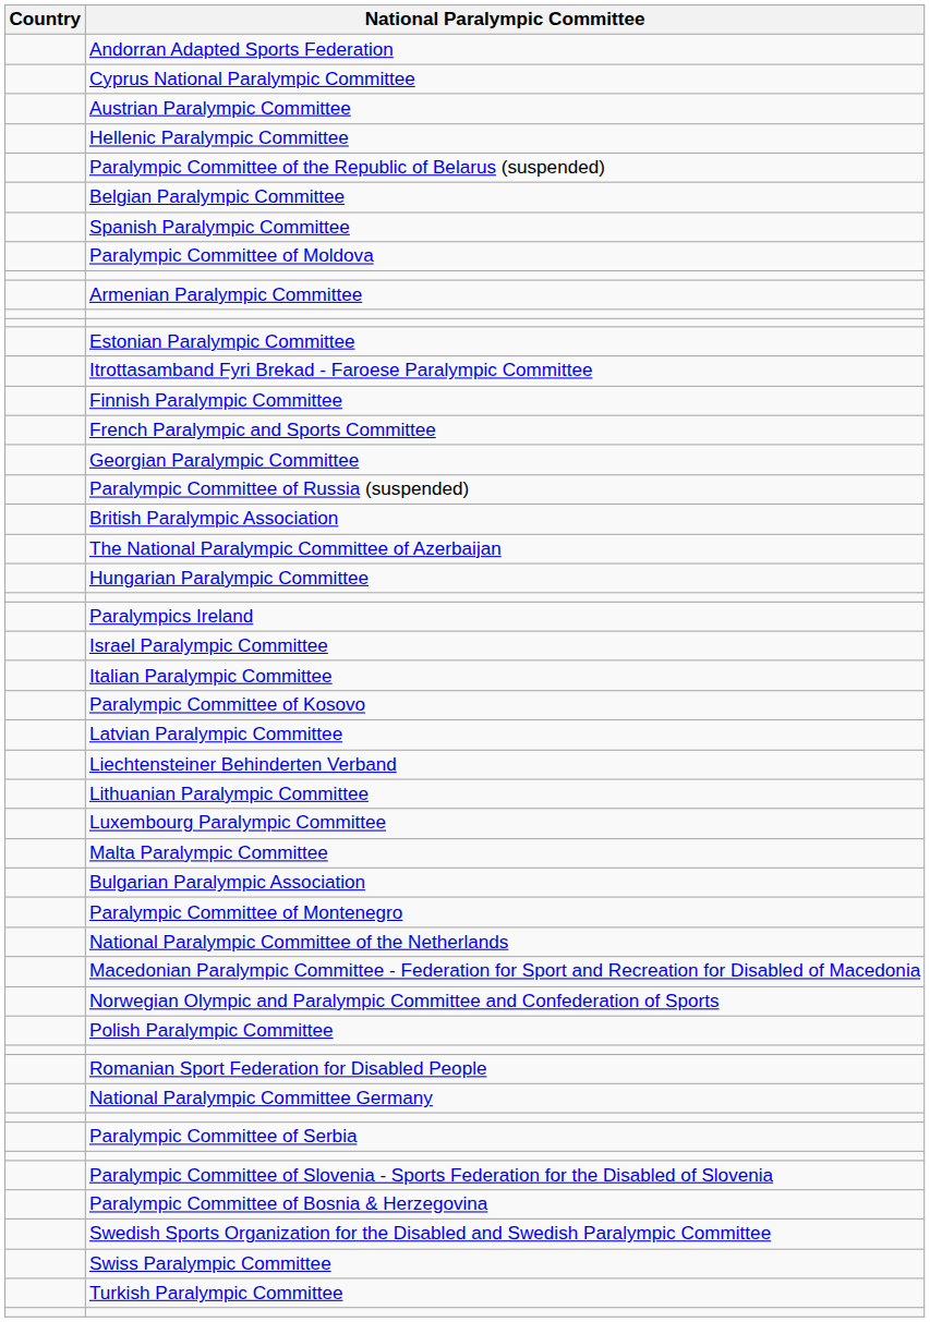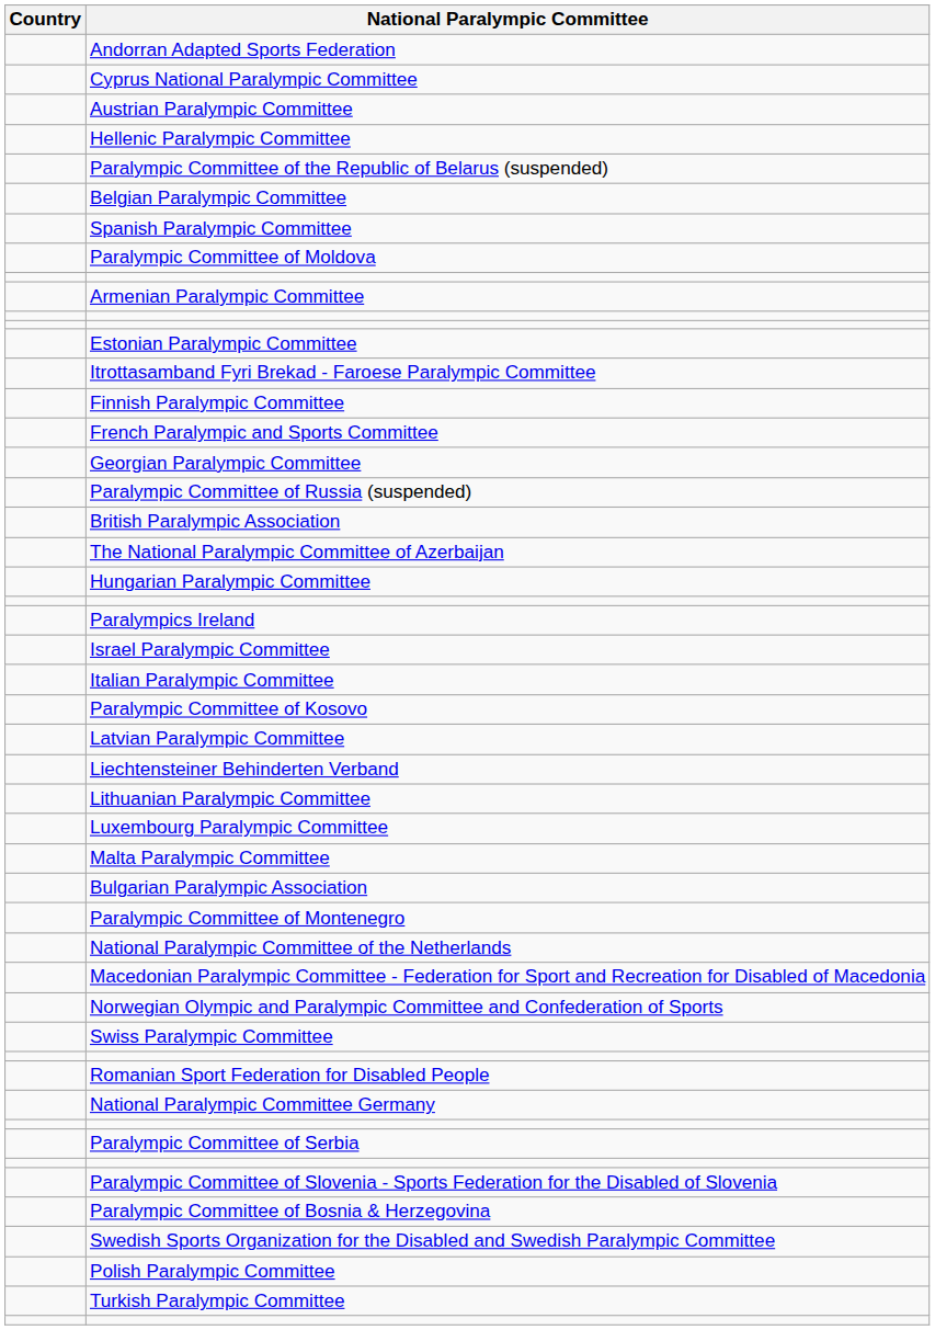 <table class="wikitable">
 <tr>
 <th>Country</th>
 <th>National Paralympic Committee</th>
 </tr>
 <tr>
 <td></td>
 <td><a href='#'>Andorran Adapted Sports Federation</a></td>
 </tr>
 <tr>
 <td></td>
 <td><a href='#'>Cyprus National Paralympic Committee</a></td>
 </tr>
 <tr>
 <td></td>
 <td><a href='#'>Austrian Paralympic Committee</a></td>
 </tr>
 <tr>
 <td></td>
 <td><a href='#'>Hellenic Paralympic Committee</a></td>
 </tr>
 <tr>
 <td></td>
 <td><a href='#'>Paralympic Committee of the Republic of Belarus</a> (suspended)</td>
 </tr>
 <tr>
 <td></td>
 <td><a href='#'>Belgian Paralympic Committee</a></td>
 </tr>
 <tr>
 <td></td>
 <td><a href='#'>Spanish Paralympic Committee</a></td>
 </tr>
 <tr>
 <td></td>
 <td><a href='#'>Paralympic Committee of Moldova</a></td>
 </tr>
 <tr>
 <td></td>
 <td></td>
 </tr>
 <tr>
 <td></td>
 <td><a href='#'>Armenian Paralympic Committee</a></td>
 </tr>
 <tr>
 <td></td>
 <td></td>
 </tr>
 <tr>
 <td></td>
 <td></td>
 </tr>
 <tr>
 <td></td>
 <td><a href='#'>Estonian Paralympic Committee</a></td>
 </tr>
 <tr>
 <td></td>
 <td><a href='#'>Itrottasamband Fyri Brekad - Faroese Paralympic Committee</a></td>
 </tr>
 <tr>
 <td></td>
 <td><a href='#'>Finnish Paralympic Committee</a></td>
 </tr>
 <tr>
 <td></td>
 <td><a href='#'>French Paralympic and Sports Committee</a></td>
 </tr>
 <tr>
 <td></td>
 <td><a href='#'>Georgian Paralympic Committee</a></td>
 </tr>
 <tr>
 <td></td>
 <td><a href='#'>Paralympic Committee of Russia</a> (suspended)</td>
 </tr>
 <tr>
 <td></td>
 <td><a href='#'>British Paralympic Association</a></td>
 </tr>
 <tr>
 <td></td>
 <td><a href='#'>The National Paralympic Committee of Azerbaijan</a></td>
 </tr>
 <tr>
 <td></td>
 <td><a href='#'>Hungarian Paralympic Committee</a></td>
 </tr>
 <tr>
 <td></td>
 <td></td>
 </tr>
 <tr>
 <td></td>
 <td><a href='#'>Paralympics Ireland</a></td>
 </tr>
 <tr>
 <td></td>
 <td><a href='#'>Israel Paralympic Committee</a></td>
 </tr>
 <tr>
 <td></td>
 <td><a href='#'>Italian Paralympic Committee</a></td>
 </tr>
 <tr>
 <td></td>
 <td><a href='#'>Paralympic Committee of Kosovo</a></td>
 </tr>
 <tr>
 <td></td>
 <td><a href='#'>Latvian Paralympic Committee</a></td>
 </tr>
 <tr>
 <td></td>
 <td><a href='#'>Liechtensteiner Behinderten Verband</a></td>
 </tr>
 <tr>
 <td></td>
 <td><a href='#'>Lithuanian Paralympic Committee</a></td>
 </tr>
 <tr>
 <td></td>
 <td><a href='#'>Luxembourg Paralympic Committee</a></td>
 </tr>
 <tr>
 <td></td>
 <td><a href='#'>Malta Paralympic Committee</a></td>
 </tr>
 <tr>
 <td></td>
 <td><a href='#'>Bulgarian Paralympic Association</a></td>
 </tr>
 <tr>
 <td></td>
 <td><a href='#'>Paralympic Committee of Montenegro</a></td>
 </tr>
 <tr>
 <td></td>
 <td><a href='#'>National Paralympic Committee of the Netherlands</a></td>
 </tr>
 <tr>
 <td></td>
 <td><a href='#'>Macedonian Paralympic Committee - Federation for Sport and Recreation for Disabled of Macedonia</a></td>
 </tr>
 <tr>
 <td></td>
 <td><a href='#'>Norwegian Olympic and Paralympic Committee and Confederation of Sports</a></td>
 </tr>
 <tr>
 <td></td>
-<td><a href='#'>Polish Paralympic Committee</a></td>
+<td><a href='#'>Swiss Paralympic Committee</a></td>
 </tr>
 <tr>
 <td></td>
 <td></td>
 </tr>
 <tr>
 <td></td>
 <td><a href='#'>Romanian Sport Federation for Disabled People</a></td>
 </tr>
 <tr>
 <td></td>
 <td><a href='#'>National Paralympic Committee Germany</a></td>
 </tr>
 <tr>
 <td></td>
 <td></td>
 </tr>
 <tr>
 <td></td>
 <td><a href='#'>Paralympic Committee of Serbia</a></td>
 </tr>
 <tr>
 <td></td>
 <td></td>
 </tr>
 <tr>
 <td></td>
 <td><a href='#'>Paralympic Committee of Slovenia - Sports Federation for the Disabled of Slovenia</a></td>
 </tr>
 <tr>
 <td></td>
 <td><a href='#'>Paralympic Committee of Bosnia & Herzegovina</a></td>
 </tr>
 <tr>
 <td></td>
 <td><a href='#'>Swedish Sports Organization for the Disabled and Swedish Paralympic Committee</a></td>
 </tr>
 <tr>
 <td></td>
-<td><a href='#'>Swiss Paralympic Committee</a></td>
+<td><a href='#'>Polish Paralympic Committee</a></td>
 </tr>
 <tr>
 <td></td>
 <td><a href='#'>Turkish Paralympic Committee</a></td>
 </tr>
 <tr>
 <td></td>
 <td></td>
 </tr>
 </table>
